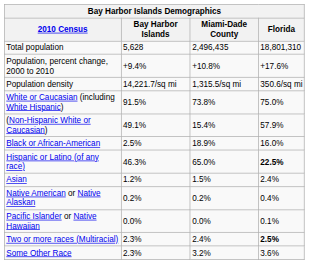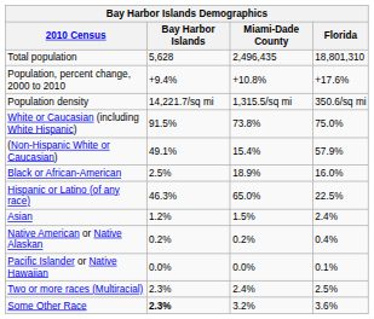 <table class="wikitable" style="float: left; margin-right: 2em; width: 35%; font-size: 75%;">
 <tr>
 <th colspan=4>Bay Harbor Islands Demographics</th>
 </tr>
 <tr>
 <th><a href='#'>2010 Census</a></th>
 <th>Bay Harbor Islands</th>
 <th>Miami-Dade County</th>
 <th>Florida</th>
 </tr>
 <tr>
 <td>Total population</td>
 <td>5,628</td>
 <td>2,496,435</td>
 <td>18,801,310</td>
 </tr>
 <tr>
 <td>Population, percent change, 2000 to 2010</td>
 <td>+9.4%</td>
 <td>+10.8%</td>
 <td>+17.6%</td>
 </tr>
 <tr>
 <td>Population density</td>
 <td>14,221.7/sq mi</td>
 <td>1,315.5/sq mi</td>
 <td>350.6/sq mi</td>
 </tr>
 <tr>
 <td><a href='#'>White or Caucasian</a> (including <a href='#'>White Hispanic</a>)</td>
 <td>91.5%</td>
 <td>73.8%</td>
 <td>75.0%</td>
 </tr>
 <tr>
 <td>(<a href='#'>Non-Hispanic White or Caucasian</a>)</td>
 <td>49.1%</td>
 <td>15.4%</td>
 <td>57.9%</td>
 </tr>
 <tr>
 <td><a href='#'>Black or African-American</a></td>
 <td>2.5%</td>
 <td>18.9%</td>
 <td>16.0%</td>
 </tr>
 <tr>
 <td><a href='#'>Hispanic or Latino (of any race)</a></td>
 <td>46.3%</td>
 <td>65.0%</td>
-<td><strong>22.5%</strong></td>
+<td>22.5%</td>
 </tr>
 <tr>
 <td><a href='#'>Asian</a></td>
 <td>1.2%</td>
 <td>1.5%</td>
 <td>2.4%</td>
 </tr>
 <tr>
 <td><a href='#'>Native American</a> or <a href='#'>Native Alaskan</a></td>
 <td>0.2%</td>
 <td>0.2%</td>
 <td>0.4%</td>
 </tr>
 <tr>
 <td><a href='#'>Pacific Islander</a> or <a href='#'>Native Hawaiian</a></td>
 <td>0.0%</td>
 <td>0.0%</td>
 <td>0.1%</td>
 </tr>
 <tr>
 <td><a href='#'>Two or more races (Multiracial)</a></td>
 <td>2.3%</td>
 <td>2.4%</td>
-<td><strong>2.5%</strong></td>
+<td>2.5%</td>
 </tr>
 <tr>
 <td><a href='#'>Some Other Race</a></td>
-<td>2.3%</td>
+<td><strong>2.3%</strong></td>
 <td>3.2%</td>
 <td>3.6%</td>
 </tr>
 </table>
